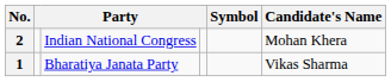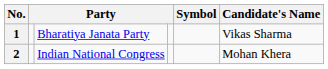 <table class="wikitable sortable">
 <tr>
 <th>No.</th>
 <th colspan="3">Party</th>
 <th>Symbol</th>
 <th>Candidate's Name</th>
+</tr>
+<tr>
+<th>1</th>
+<td style="background:"></td>
+<td><a href='#'>Bharatiya Janata Party</a></td>
+<td></td>
+<td></td>
+<td>Vikas Sharma</td>
 </tr>
 <tr>
 <th>2</th>
 <td style="background:"></td>
 <td><a href='#'>Indian National Congress</a></td>
 <td></td>
 <td></td>
 <td>Mohan Khera</td>
 </tr>
-<tr>
-<th>1</th>
-<td style="background:"></td>
-<td><a href='#'>Bharatiya Janata Party</a></td>
-<td></td>
-<td></td>
-<td>Vikas Sharma</td>
-</tr>
 </table>
